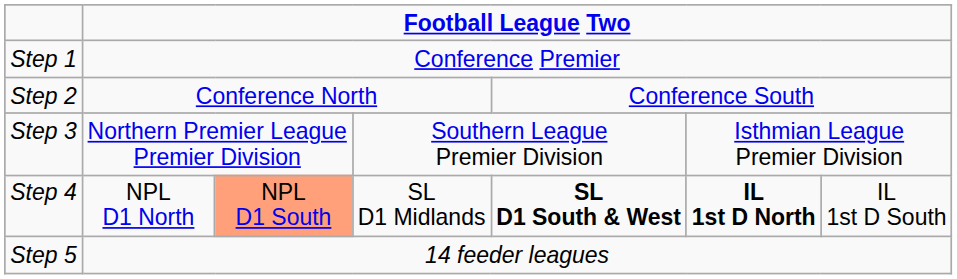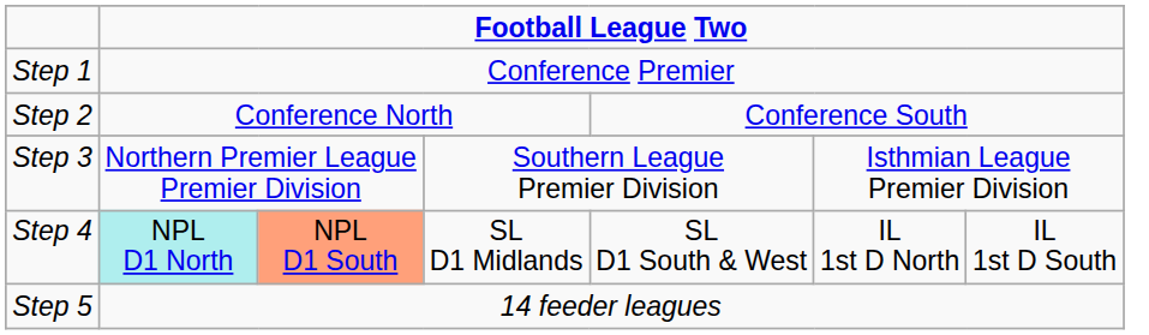 <table class="wikitable" style="text-align: center; font-size: 85%;">
 <tr>
 <td> </td>
 <td colspan="6"><strong><a href='#'>Football League</a> <a href='#'>Two</a></strong></td>
 </tr>
 <tr style="vertical-align: top;">
 <td><em>Step 1</em></td>
 <td colspan="6"><a href='#'>Conference</a> <a href='#'>Premier</a></td>
 </tr>
 <tr style="vertical-align: top;">
 <td><em>Step 2</em></td>
 <td colspan="3"><a href='#'>Conference North</a></td>
 <td colspan="3"><a href='#'>Conference South</a></td>
 </tr>
 <tr style="vertical-align: top;">
 <td><em>Step 3</em></td>
 <td colspan="2"><a href='#'>Northern Premier League</a><br><a href='#'>Premier Division</a></td>
 <td colspan="2"><a href='#'>Southern League</a><br>Premier Division</td>
 <td colspan="2"><a href='#'>Isthmian League</a><br>Premier Division</td>
 </tr>
 <tr style="vertical-align: top;">
 <td><em>Step 4</em></td>
-<td>NPL<br><a href='#'>D1 North</a></td>
+<td style="background: paleturquoise;">NPL<br><a href='#'>D1 North</a></td>
 <td style="background: lightsalmon;">NPL<br><a href='#'>D1 South</a></td>
 <td>SL<br>D1 Midlands</td>
-<td><strong>SL<br>D1 South & West</strong></td>
-<td><strong>IL<br>1st D North</strong></td>
+<td>SL<br>D1 South & West</td>
+<td>IL<br>1st D North</td>
 <td>IL<br>1st D South</td>
 </tr>
 <tr style="vertical-align: top;">
 <td><em>Step 5</em></td>
 <td colspan="6"><em>14 feeder leagues</em></td>
 </tr>
 </table>
